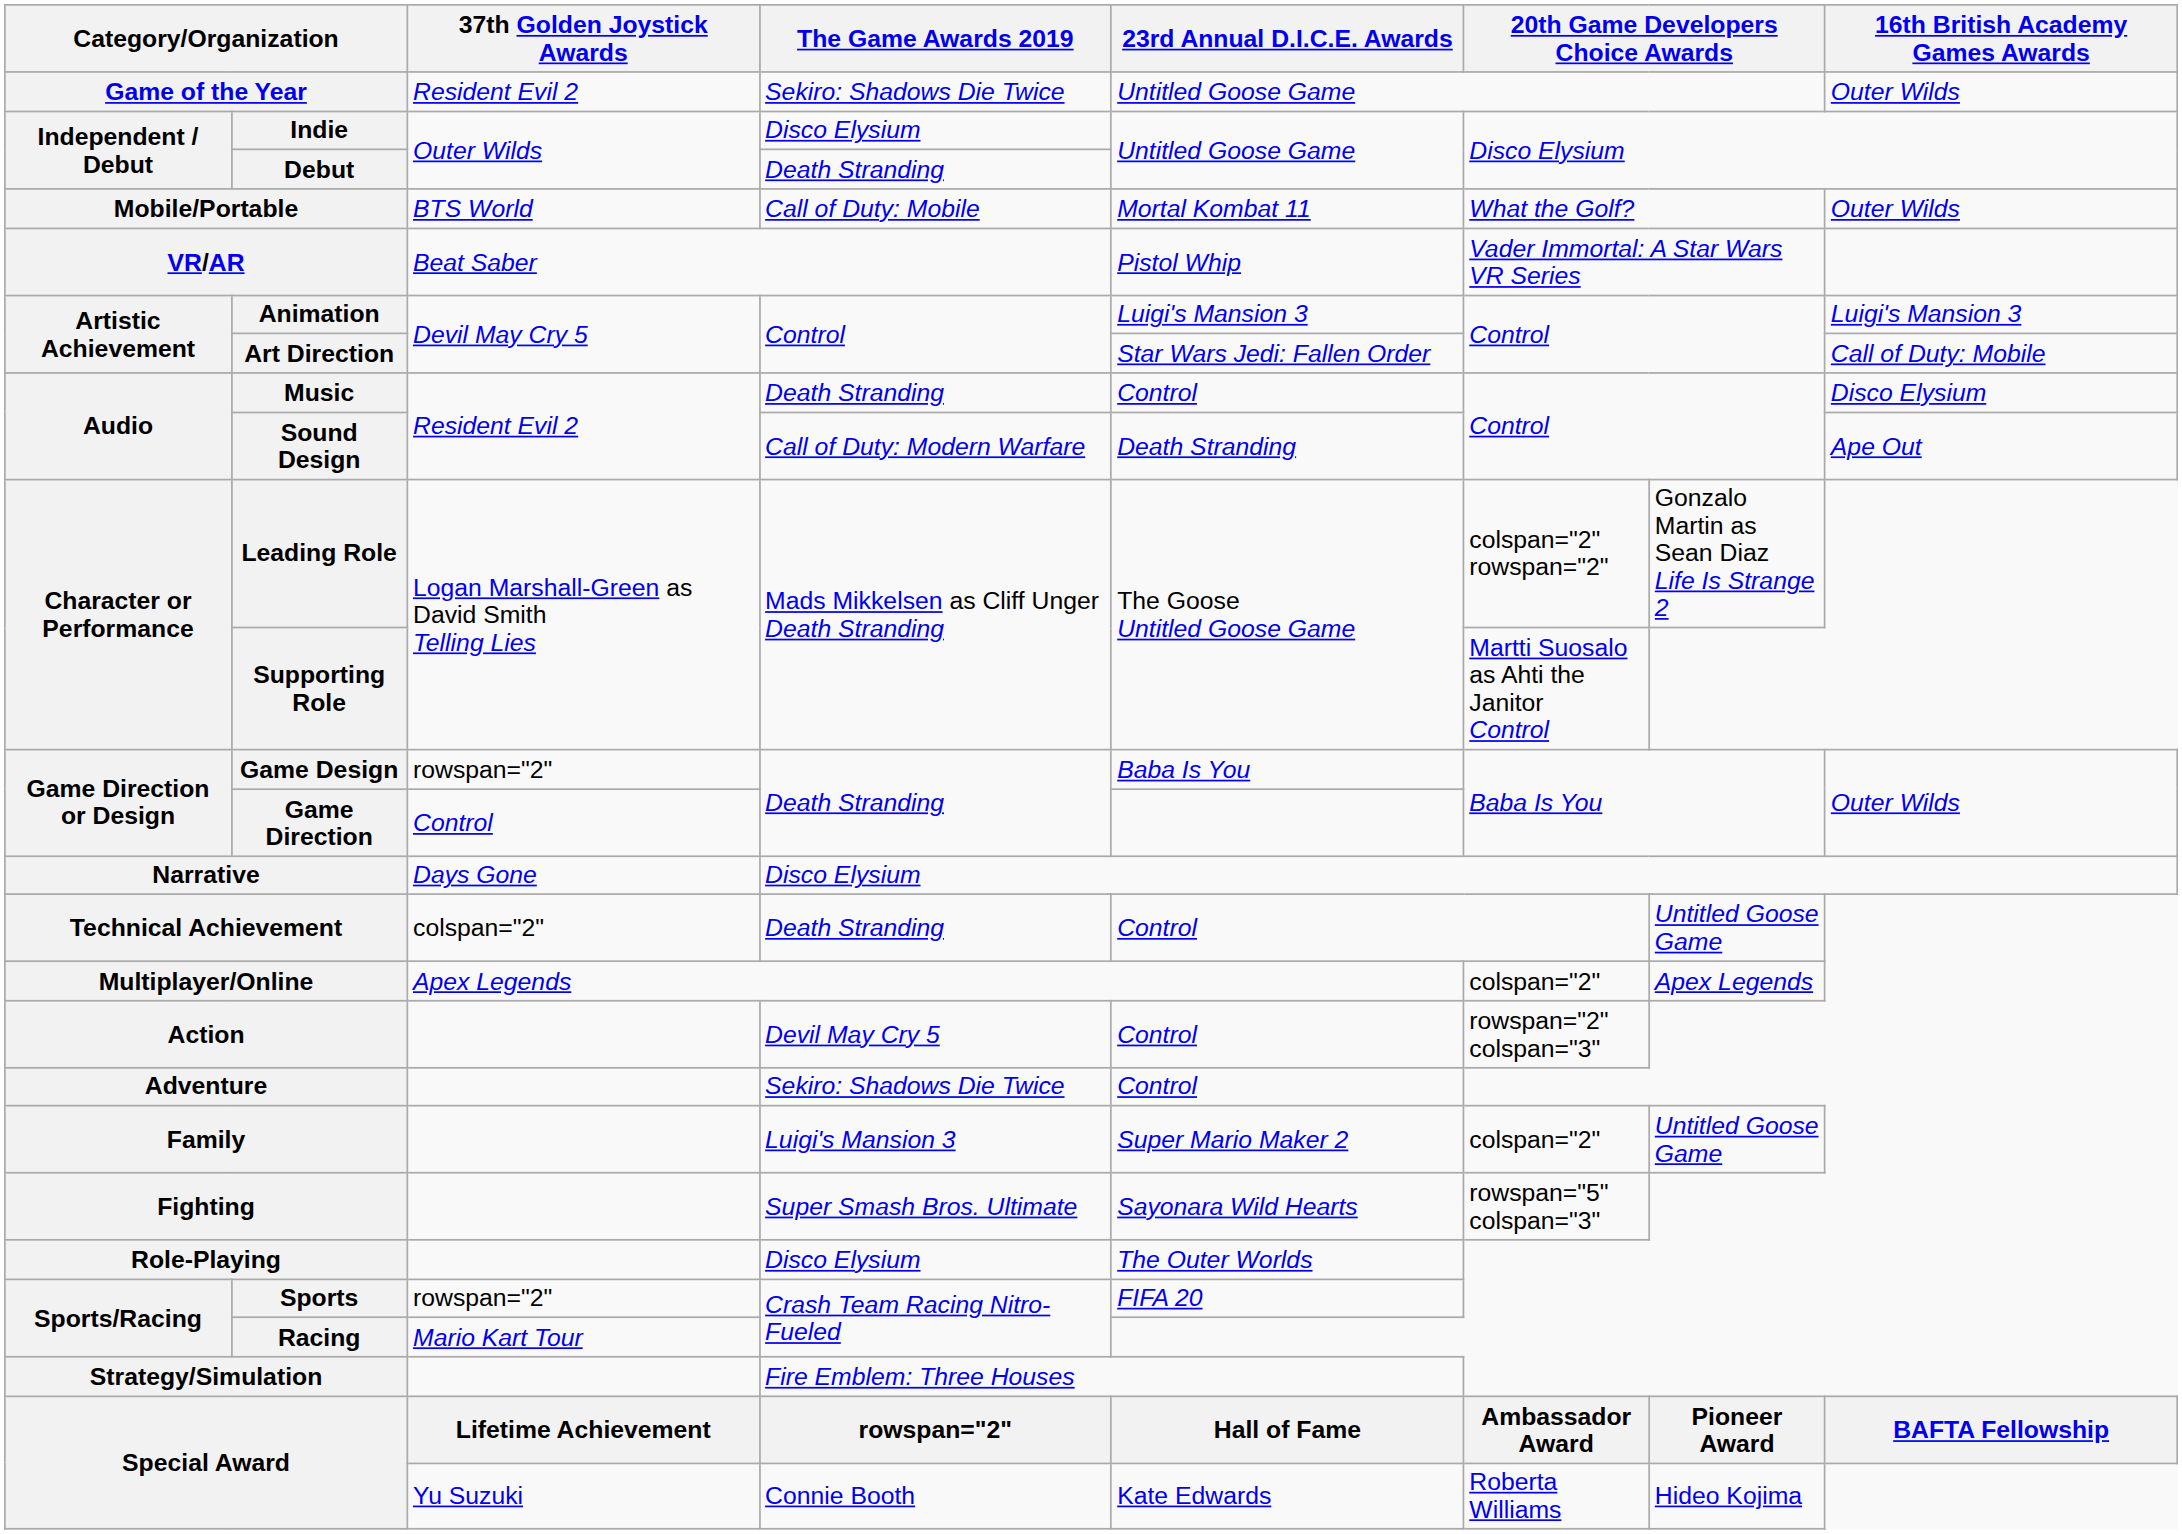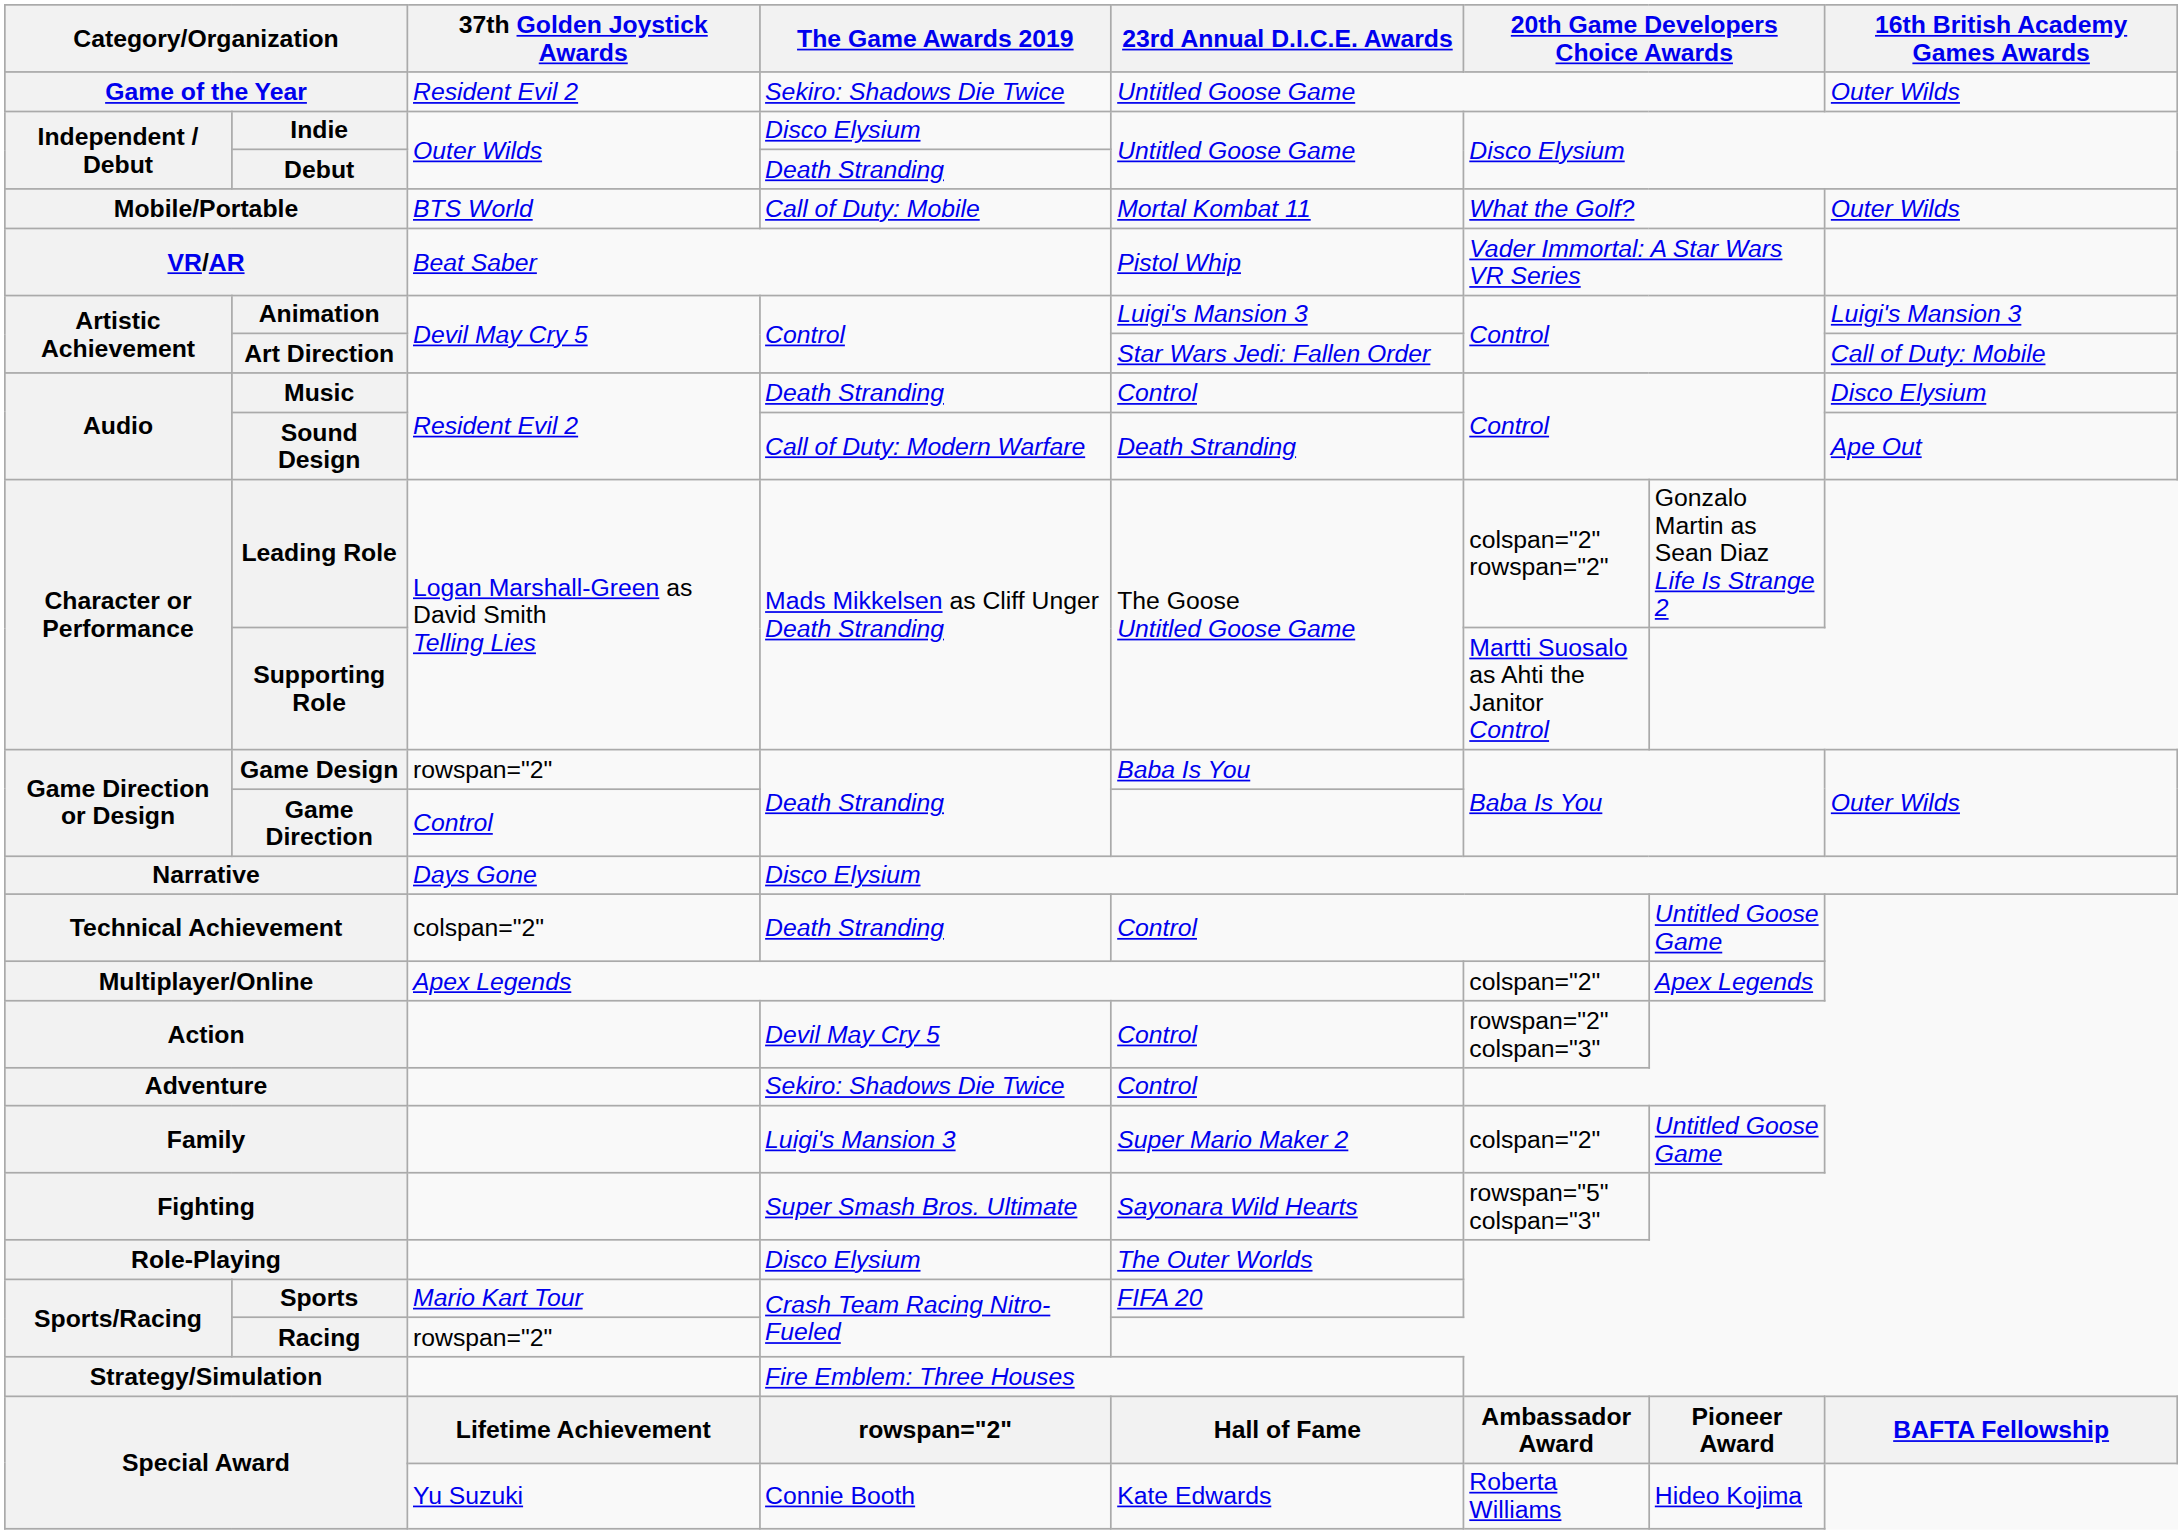 <table class="wikitable" style="border:none; margin:0; width:100%; font-size: 90%;">
 <tr>
 <th colspan="2" style="width:16%;">Category/Organization</th>
 <th style="width:14%;">37th <a href='#'>Golden Joystick Awards</a><br></th>
 <th style="width:14%;"><a href='#'>The Game Awards 2019</a><br></th>
 <th style="width:14%;"><a href='#'>23rd Annual D.I.C.E. Awards</a><br></th>
 <th colspan="2" style="width:14%;"><a href='#'>20th Game Developers Choice Awards</a><br></th>
 <th style="width:14%;"><a href='#'>16th British Academy Games Awards</a><br></th>
 </tr>
 <tr>
 <th scope="row" colspan="2"><a href='#'>Game of the Year</a></th>
 <td><em><a href='#'>Resident Evil 2</a></em></td>
 <td><em><a href='#'>Sekiro: Shadows Die Twice</a></em></td>
 <td colspan="3"><em><a href='#'>Untitled Goose Game</a></em></td>
 <td><em><a href='#'>Outer Wilds</a></em></td>
 </tr>
 <tr>
 <th scope="row"  rowspan="2" style="width:9%;">Independent / Debut</th>
 <th>Indie</th>
 <td rowspan="2"><em><a href='#'>Outer Wilds</a></em></td>
 <td><em><a href='#'>Disco Elysium</a></em></td>
 <td rowspan="2"><em><a href='#'>Untitled Goose Game</a></em></td>
 <td rowspan="2" colspan="3"><em><a href='#'>Disco Elysium</a></em></td>
 </tr>
 <tr>
 <th scope="row">Debut</th>
 <td><em><a href='#'>Death Stranding</a></em></td>
 </tr>
 <tr>
 <th scope="row" colspan="2">Mobile/Portable</th>
 <td><em><a href='#'>BTS World</a></em></td>
 <td><em><a href='#'>Call of Duty: Mobile</a></em></td>
 <td><em><a href='#'>Mortal Kombat 11</a></em></td>
 <td colspan="2"><a href='#'><em>What the Golf?</em></a></td>
 <td><em><a href='#'>Outer Wilds</a></em></td>
 </tr>
 <tr>
 <th scope="row" colspan="2"><a href='#'>VR</a>/<a href='#'>AR</a></th>
 <td colspan="2"><em><a href='#'>Beat Saber</a></em></td>
 <td><em><a href='#'>Pistol Whip</a></em></td>
 <td colspan="2"><em><a href='#'>Vader Immortal: A Star Wars VR Series</a></em></td>
 <td></td>
 </tr>
 <tr>
 <th scope="row" rowspan="2" style="width:9%;">Artistic Achievement</th>
 <th>Animation</th>
 <td rowspan="2"><em><a href='#'>Devil May Cry 5</a></em></td>
 <td rowspan="2"><em><a href='#'>Control</a></em></td>
 <td><em><a href='#'>Luigi's Mansion 3</a></em></td>
 <td rowspan="2" colspan="2"><em><a href='#'>Control</a></em></td>
 <td><em><a href='#'>Luigi's Mansion 3</a></em></td>
 </tr>
 <tr>
 <th scope="row">Art Direction</th>
 <td><em><a href='#'>Star Wars Jedi: Fallen Order</a></em></td>
 <td><em><a href='#'>Call of Duty: Mobile</a></em></td>
 </tr>
 <tr>
 <th scope="row" rowspan="2" style="width:9%;">Audio</th>
 <th>Music</th>
 <td rowspan="2"><em><a href='#'>Resident Evil 2</a></em></td>
 <td><em><a href='#'>Death Stranding</a></em></td>
 <td><em><a href='#'>Control</a></em></td>
 <td rowspan="2" colspan="2"><em><a href='#'>Control</a></em></td>
 <td><em><a href='#'>Disco Elysium</a></em></td>
 </tr>
 <tr>
 <th scope="row">Sound Design</th>
 <td><em><a href='#'>Call of Duty: Modern Warfare</a></em></td>
 <td><em><a href='#'>Death Stranding</a></em></td>
 <td><em><a href='#'>Ape Out</a></em></td>
 </tr>
 <tr>
 <th scope="row" rowspan="2">Character or Performance</th>
 <th>Leading Role</th>
 <td rowspan="2"><a href='#'>Logan Marshall-Green</a> as David Smith<br><em><a href='#'>Telling Lies</a></em></td>
 <td rowspan="2"><a href='#'>Mads Mikkelsen</a> as Cliff Unger<br><em><a href='#'>Death Stranding</a></em></td>
 <td rowspan="2">The Goose<br><em><a href='#'>Untitled Goose Game</a></em></td>
 <td>colspan="2" rowspan="2" </td>
 <td>Gonzalo Martin as Sean Diaz<br><em><a href='#'>Life Is Strange 2</a></em></td>
 </tr>
 <tr>
 <th scope="row">Supporting Role</th>
 <td><a href='#'>Martti Suosalo</a> as Ahti the Janitor<br><em><a href='#'>Control</a></em></td>
 </tr>
 <tr>
 <th scope="row" rowspan="2">Game Direction<br>or Design</th>
 <th>Game Design</th>
 <td>rowspan="2" </td>
 <td rowspan="2"><em><a href='#'>Death Stranding</a></em></td>
 <td><em><a href='#'>Baba Is You</a></em></td>
 <td rowspan="2" colspan="2"><em><a href='#'>Baba Is You</a></em></td>
 <td rowspan="2"><em><a href='#'>Outer Wilds</a></em></td>
 </tr>
 <tr>
 <th scope="row">Game Direction</th>
 <td><em><a href='#'>Control</a></em></td>
 </tr>
 <tr>
 <th scope="row" colspan="2">Narrative</th>
 <td><em><a href='#'>Days Gone</a></em></td>
 <td colspan="5"><em><a href='#'>Disco Elysium</a></em></td>
 </tr>
 <tr>
 <th scope="row" colspan="2">Technical Achievement</th>
 <td>colspan="2" </td>
 <td><em><a href='#'>Death Stranding</a></em></td>
 <td colspan="2"><em><a href='#'>Control</a></em></td>
 <td><em><a href='#'>Untitled Goose Game</a></em></td>
 </tr>
 <tr>
 <th scope="row" colspan="2">Multiplayer/Online</th>
 <td colspan="3"><em><a href='#'>Apex Legends</a></em></td>
 <td>colspan="2"  </td>
 <td><em><a href='#'>Apex Legends</a></em></td>
 </tr>
 <tr>
 <th scope="row" colspan="2">Action</th>
 <td></td>
 <td><em><a href='#'>Devil May Cry 5</a></em></td>
 <td><em><a href='#'>Control</a></em></td>
 <td>rowspan="2" colspan="3" </td>
 </tr>
 <tr>
 <th scope="row" colspan="2">Adventure</th>
 <td></td>
 <td><em><a href='#'>Sekiro: Shadows Die Twice</a></em></td>
 <td><em><a href='#'>Control</a></em></td>
 </tr>
 <tr>
 <th scope="row" colspan="2">Family</th>
 <td></td>
 <td><em><a href='#'>Luigi's Mansion 3</a></em></td>
 <td><em><a href='#'>Super Mario Maker 2</a></em></td>
 <td>colspan="2" </td>
 <td><em><a href='#'>Untitled Goose Game</a></em></td>
 </tr>
 <tr>
 <th scope="row" colspan="2">Fighting</th>
 <td></td>
 <td><em><a href='#'>Super Smash Bros. Ultimate</a></em></td>
 <td><em><a href='#'>Sayonara Wild Hearts</a></em></td>
 <td>rowspan="5" colspan="3" </td>
 </tr>
 <tr>
 <th scope="row" colspan="2">Role-Playing</th>
 <td></td>
 <td><em><a href='#'>Disco Elysium</a></em></td>
 <td><em><a href='#'>The Outer Worlds</a></em></td>
 </tr>
 <tr>
 <th scope="row" rowspan="2">Sports/Racing</th>
 <th>Sports</th>
-<td>rowspan="2" </td>
+<td><em><a href='#'>Mario Kart Tour</a></em></td>
 <td rowspan="2"><em><a href='#'>Crash Team Racing Nitro-Fueled</a></em></td>
 <td><em><a href='#'>FIFA 20</a></em></td>
 </tr>
 <tr>
 <th>Racing</th>
-<td><em><a href='#'>Mario Kart Tour</a></em></td>
+<td>rowspan="2" </td>
 </tr>
 <tr>
 <th scope="row" colspan="2">Strategy/Simulation</th>
 <td></td>
 <td colspan="2"><em><a href='#'>Fire Emblem: Three Houses</a></em></td>
 </tr>
 <tr>
 <th scope="row" rowspan="2" colspan="2">Special Award</th>
 <th>Lifetime Achievement</th>
 <th>rowspan="2" </th>
 <th width="7%;">Hall of Fame</th>
 <th width="7%;">Ambassador Award</th>
 <th>Pioneer Award</th>
 <th><a href='#'>BAFTA Fellowship</a></th>
 </tr>
 <tr>
 <td><a href='#'>Yu Suzuki</a></td>
 <td><a href='#'>Connie Booth</a></td>
 <td><a href='#'>Kate Edwards</a></td>
 <td><a href='#'>Roberta Williams</a></td>
 <td><a href='#'>Hideo Kojima</a></td>
 </tr>
 </table>
